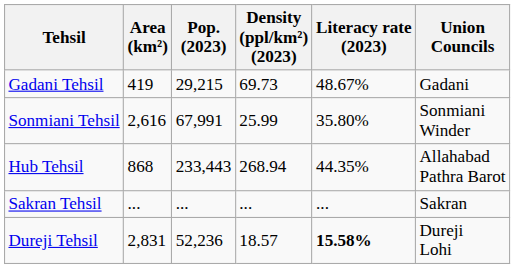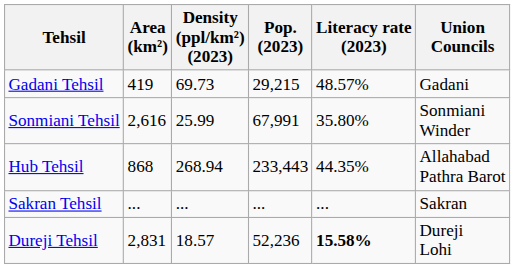 <table class="wikitable sortable static-row-numbers static-row-header-hash">
 <tr>
 <th>Tehsil</th>
 <th>Area<br>(km²)</th>
+<th>Density<br>(ppl/km²)<br>(2023)</th>
 <th>Pop.<br>(2023)</th>
-<th>Density<br>(ppl/km²)<br>(2023)</th>
 <th>Literacy rate<br>(2023)</th>
 <th>Union<br>Councils</th>
 </tr>
 <tr>
 <td><a href='#'>Gadani Tehsil</a></td>
 <td>419</td>
+<td>69.73</td>
 <td>29,215</td>
-<td>69.73</td>
-<td>48.67%</td>
+<td>48.57%</td>
 <td>Gadani</td>
 </tr>
 <tr>
 <td><a href='#'>Sonmiani Tehsil</a></td>
 <td>2,616</td>
+<td>25.99</td>
 <td>67,991</td>
-<td>25.99</td>
 <td>35.80%</td>
 <td>Sonmiani<br>Winder</td>
 </tr>
 <tr>
 <td><a href='#'>Hub Tehsil</a></td>
 <td>868</td>
+<td>268.94</td>
 <td>233,443</td>
-<td>268.94</td>
 <td>44.35%</td>
 <td>Allahabad<br>Pathra Barot</td>
 </tr>
 <tr>
 <td><a href='#'>Sakran Tehsil</a></td>
 <td>...</td>
 <td>...</td>
 <td>...</td>
 <td>...</td>
 <td>Sakran</td>
 </tr>
 <tr>
 <td><a href='#'>Dureji Tehsil</a></td>
 <td>2,831</td>
+<td>18.57</td>
 <td>52,236</td>
-<td>18.57</td>
 <td><strong>15.58%</strong></td>
 <td>Dureji<br>Lohi</td>
 </tr>
 </table>
